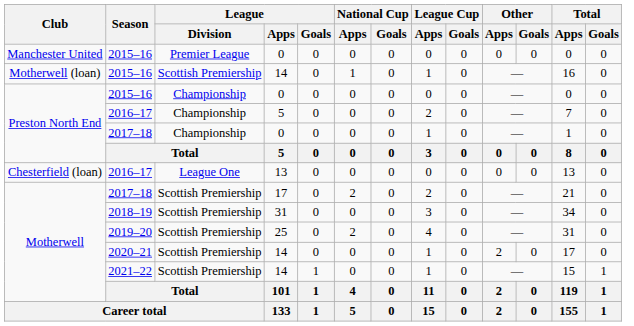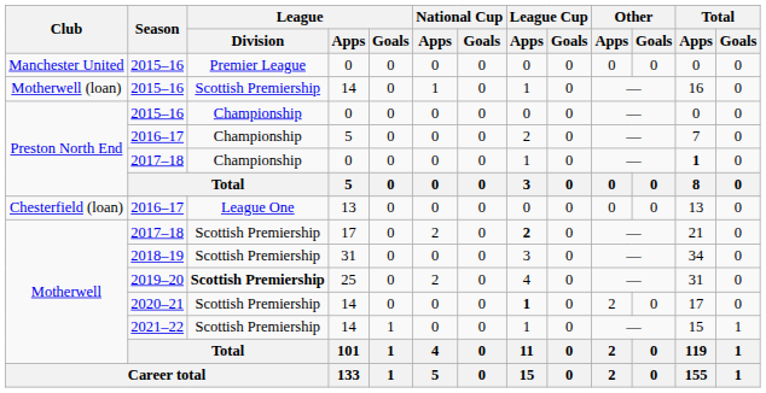 <table class=wikitable style="text-align: center;">
 <tr>
 <th rowspan="2">Club</th>
 <th rowspan="2">Season</th>
 <th colspan="3">League</th>
 <th colspan="2">National Cup</th>
 <th colspan="2">League Cup</th>
 <th colspan="2">Other</th>
 <th colspan="2">Total</th>
 </tr>
 <tr>
 <th>Division</th>
 <th>Apps</th>
 <th>Goals</th>
 <th>Apps</th>
 <th>Goals</th>
 <th>Apps</th>
 <th>Goals</th>
 <th>Apps</th>
 <th>Goals</th>
 <th>Apps</th>
 <th>Goals</th>
 </tr>
 <tr>
 <td><a href='#'>Manchester United</a></td>
 <td><a href='#'>2015–16</a></td>
 <td><a href='#'>Premier League</a></td>
 <td>0</td>
 <td>0</td>
 <td>0</td>
 <td>0</td>
 <td>0</td>
 <td>0</td>
 <td>0</td>
 <td>0</td>
 <td>0</td>
 <td>0</td>
 </tr>
 <tr>
 <td><a href='#'>Motherwell</a> (loan)</td>
 <td><a href='#'>2015–16</a></td>
 <td><a href='#'>Scottish Premiership</a></td>
 <td>14</td>
 <td>0</td>
 <td>1</td>
 <td>0</td>
 <td>1</td>
 <td>0</td>
 <td colspan=2>—</td>
 <td>16</td>
 <td>0</td>
 </tr>
 <tr>
 <td rowspan="4"><a href='#'>Preston North End</a></td>
 <td><a href='#'>2015–16</a></td>
 <td><a href='#'>Championship</a></td>
 <td>0</td>
 <td>0</td>
 <td>0</td>
 <td>0</td>
 <td>0</td>
 <td>0</td>
 <td colspan=2>—</td>
 <td>0</td>
 <td>0</td>
 </tr>
 <tr>
 <td><a href='#'>2016–17</a></td>
 <td>Championship</td>
 <td>5</td>
 <td>0</td>
 <td>0</td>
 <td>0</td>
 <td>2</td>
 <td>0</td>
 <td colspan=2>—</td>
 <td>7</td>
 <td>0</td>
 </tr>
 <tr>
 <td><a href='#'>2017–18</a></td>
 <td>Championship</td>
 <td>0</td>
 <td>0</td>
 <td>0</td>
 <td>0</td>
 <td>1</td>
 <td>0</td>
 <td colspan=2>—</td>
-<td>1</td>
+<td><strong>1</strong></td>
 <td>0</td>
 </tr>
 <tr>
 <th colspan="2">Total</th>
 <th>5</th>
 <th>0</th>
 <th>0</th>
 <th>0</th>
 <th>3</th>
 <th>0</th>
 <th>0</th>
 <th>0</th>
 <th>8</th>
 <th>0</th>
 </tr>
 <tr>
 <td><a href='#'>Chesterfield</a> (loan)</td>
 <td><a href='#'>2016–17</a></td>
 <td><a href='#'>League One</a></td>
 <td>13</td>
 <td>0</td>
 <td>0</td>
 <td>0</td>
 <td>0</td>
 <td>0</td>
 <td>0</td>
 <td>0</td>
 <td>13</td>
 <td>0</td>
 </tr>
 <tr>
 <td rowspan=6><a href='#'>Motherwell</a></td>
 <td><a href='#'>2017–18</a></td>
 <td>Scottish Premiership</td>
 <td>17</td>
 <td>0</td>
 <td>2</td>
 <td>0</td>
-<td>2</td>
+<td><strong>2</strong></td>
 <td>0</td>
 <td colspan=2>—</td>
 <td>21</td>
 <td>0</td>
 </tr>
 <tr>
 <td><a href='#'>2018–19</a></td>
 <td>Scottish Premiership</td>
 <td>31</td>
 <td>0</td>
 <td>0</td>
 <td>0</td>
 <td>3</td>
 <td>0</td>
 <td colspan=2>—</td>
 <td>34</td>
 <td>0</td>
 </tr>
 <tr>
 <td><a href='#'>2019–20</a></td>
-<td>Scottish Premiership</td>
+<td><strong>Scottish Premiership</strong></td>
 <td>25</td>
 <td>0</td>
 <td>2</td>
 <td>0</td>
 <td>4</td>
 <td>0</td>
 <td colspan=2>—</td>
 <td>31</td>
 <td>0</td>
 </tr>
 <tr>
 <td><a href='#'>2020–21</a></td>
 <td>Scottish Premiership</td>
 <td>14</td>
 <td>0</td>
 <td>0</td>
 <td>0</td>
-<td>1</td>
+<td><strong>1</strong></td>
 <td>0</td>
 <td>2</td>
 <td>0</td>
 <td>17</td>
 <td>0</td>
 </tr>
 <tr>
 <td><a href='#'>2021–22</a></td>
 <td>Scottish Premiership</td>
 <td>14</td>
 <td>1</td>
 <td>0</td>
 <td>0</td>
 <td>1</td>
 <td>0</td>
 <td colspan=2>—</td>
 <td>15</td>
 <td>1</td>
 </tr>
 <tr>
 <th colspan=2>Total</th>
 <th>101</th>
 <th>1</th>
 <th>4</th>
 <th>0</th>
 <th>11</th>
 <th>0</th>
 <th>2</th>
 <th>0</th>
 <th>119</th>
 <th>1</th>
 </tr>
 <tr>
 <th colspan="3">Career total</th>
 <th>133</th>
 <th>1</th>
 <th>5</th>
 <th>0</th>
 <th>15</th>
 <th>0</th>
 <th>2</th>
 <th>0</th>
 <th>155</th>
 <th>1</th>
 </tr>
 </table>
